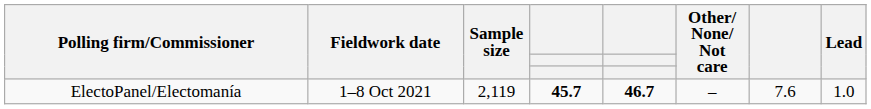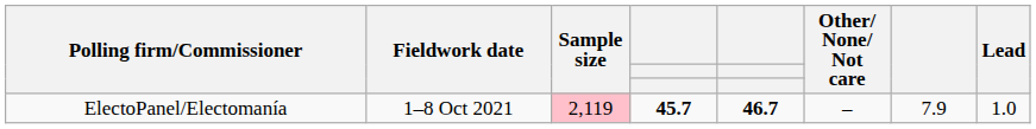 <table class="wikitable collapsible collapsed" style="text-align:center; font-size:90%; line-height:14px;">
 <tr style="height:42px;">
 <th style="width:250px;" rowspan="3">Polling firm/Commissioner</th>
 <th style="width:125px;" rowspan="3">Fieldwork date</th>
 <th style="width:50px;" rowspan="3">Sample size</th>
 <th style="width:55px;"></th>
 <th style="width:55px;"></th>
 <th style="width:55px;" rowspan="3">Other/<br>None/<br>Not<br>care</th>
 <th style="width:55px;" rowspan="3"></th>
 <th style="width:30px;" rowspan="3">Lead</th>
 </tr>
 <tr>
 <th style="color:inherit;background:"></th>
 <th style="color:inherit;background:"></th>
 </tr>
 <tr>
 <th></th>
 <th></th>
 </tr>
 <tr>
 <td>ElectoPanel/Electomanía</td>
 <td>1–8 Oct 2021</td>
-<td>2,119</td>
+<td style="background: pink;">2,119</td>
 <td><strong>45.7</strong></td>
 <td><strong>46.7</strong></td>
 <td>–</td>
-<td>7.6</td>
+<td>7.9</td>
 <td style="background:">1.0</td>
 </tr>
 </table>
